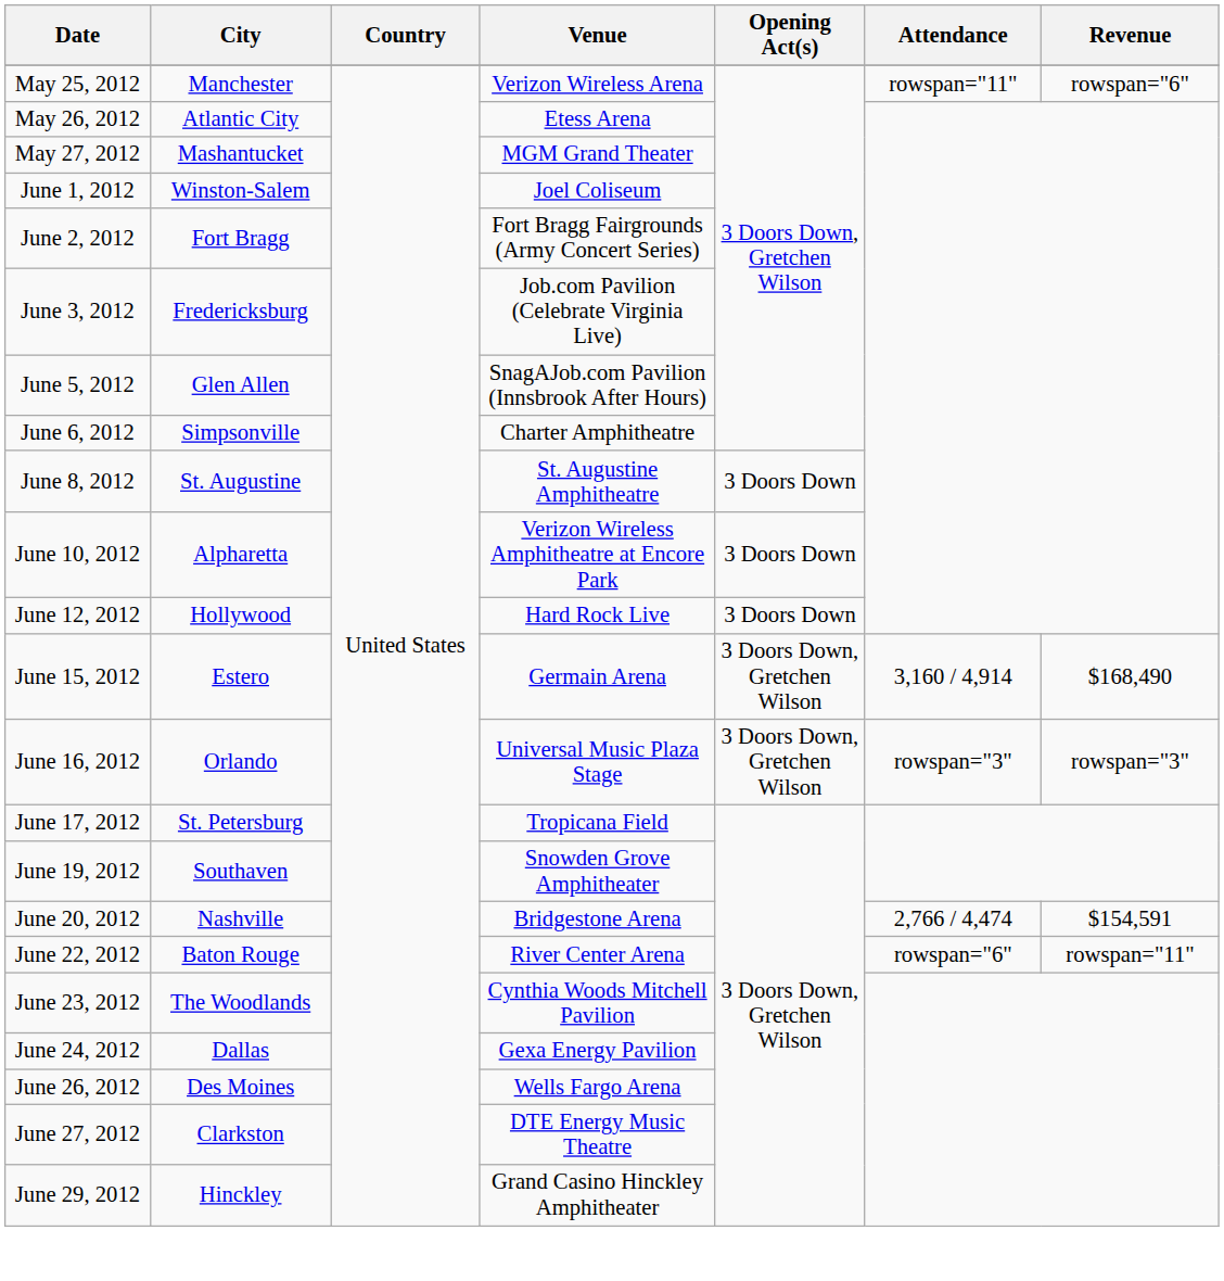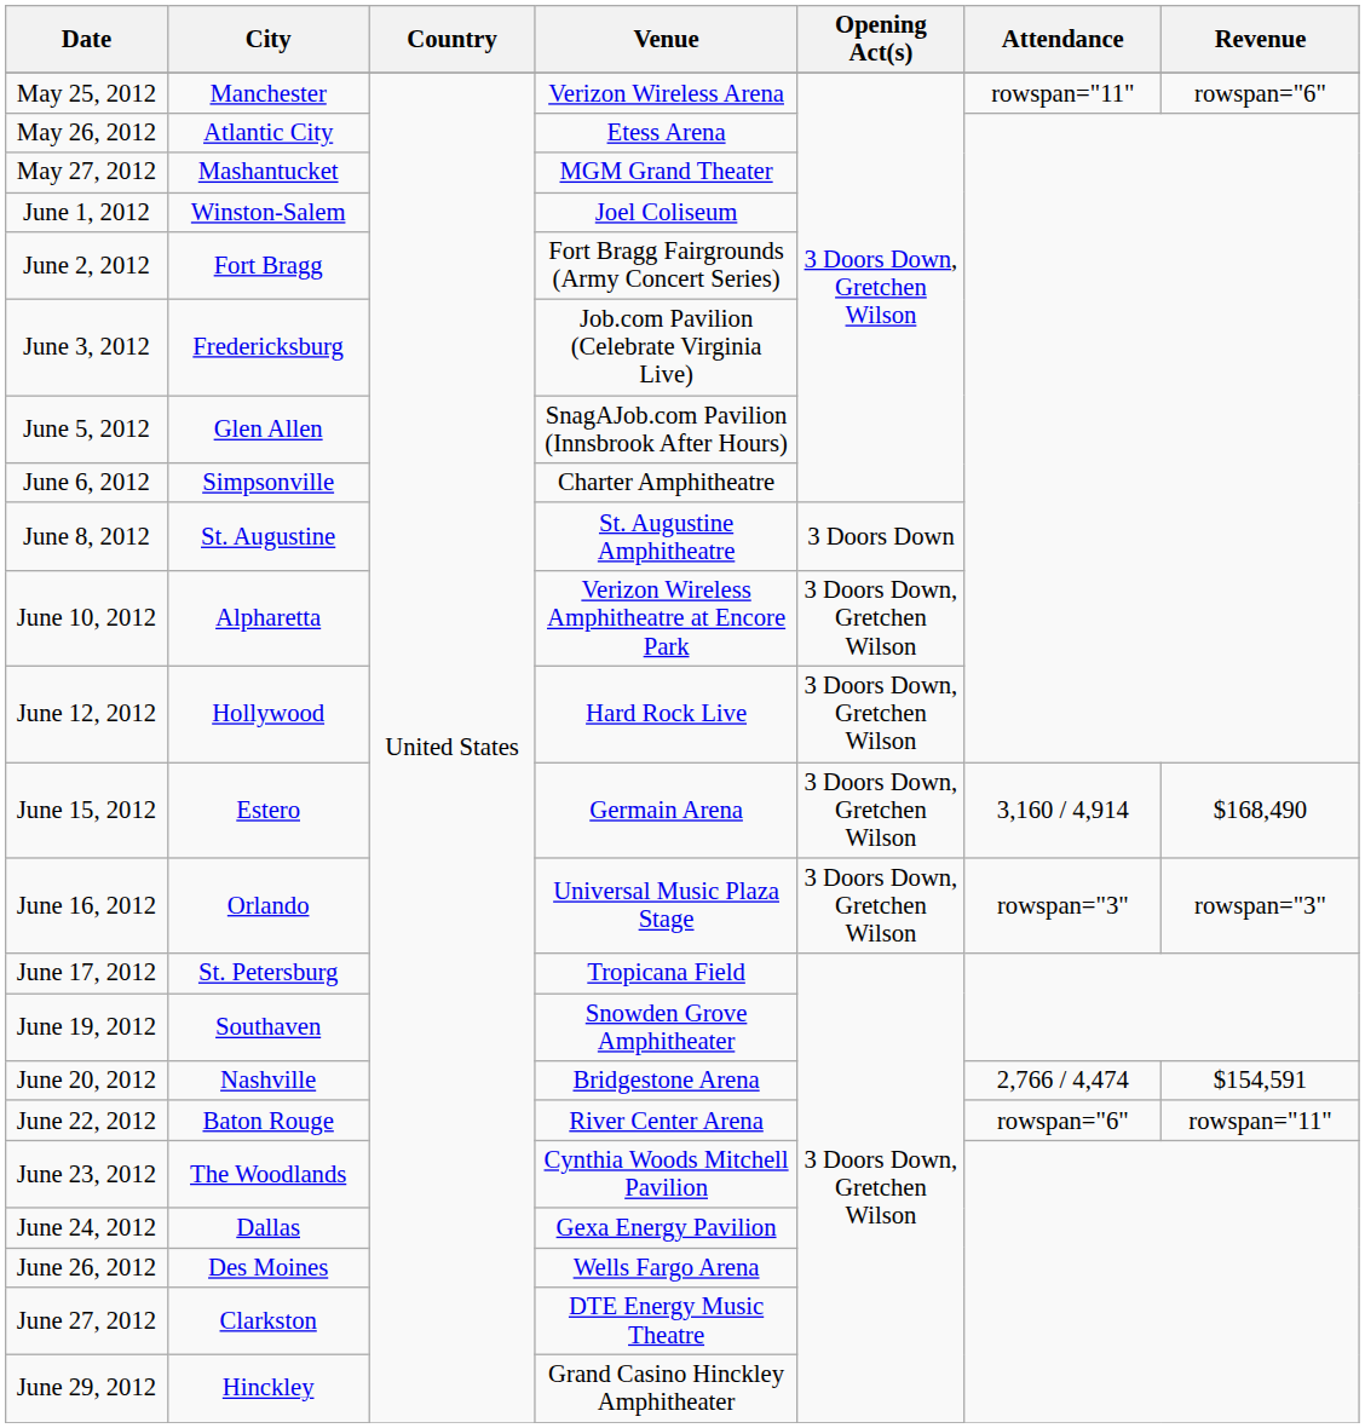 <table class="wikitable plainrowheaders" style="text-align:center;">
 <tr>
 <th scope="col" style="width:12em;">Date</th>
 <th scope="col" style="width:10em;">City</th>
 <th scope="col" style="width:10em;">Country</th>
 <th scope="col" style="width:16em;">Venue</th>
 <th scope="col" style="width:10em;">Opening Act(s)</th>
 <th scope="col" style="width:10em;">Attendance</th>
 <th scope="col" style="width:10em;">Revenue</th>
 </tr>
 <tr bgcolor="#DDDDDD">
 </tr>
 <tr>
 <td>May 25, 2012</td>
 <td><a href='#'>Manchester</a></td>
 <td rowspan="23">United States</td>
 <td><a href='#'>Verizon Wireless Arena</a></td>
 <td rowspan="8"><a href='#'>3 Doors Down</a>, <a href='#'>Gretchen Wilson</a></td>
 <td>rowspan="11" </td>
 <td>rowspan="6" </td>
 </tr>
 <tr>
 <td>May 26, 2012</td>
 <td><a href='#'>Atlantic City</a></td>
 <td><a href='#'>Etess Arena</a></td>
 </tr>
 <tr>
 <td>May 27, 2012</td>
 <td><a href='#'>Mashantucket</a></td>
 <td><a href='#'>MGM Grand Theater</a></td>
 </tr>
 <tr>
 <td>June 1, 2012</td>
 <td><a href='#'>Winston-Salem</a></td>
 <td><a href='#'>Joel Coliseum</a></td>
 </tr>
 <tr>
 <td>June 2, 2012</td>
 <td><a href='#'>Fort Bragg</a></td>
 <td>Fort Bragg Fairgrounds<br>(Army Concert Series)</td>
 </tr>
 <tr>
 <td>June 3, 2012</td>
 <td><a href='#'>Fredericksburg</a></td>
 <td>Job.com Pavilion<br>(Celebrate Virginia Live)</td>
 </tr>
 <tr>
 <td>June 5, 2012</td>
 <td><a href='#'>Glen Allen</a></td>
 <td>SnagAJob.com Pavilion<br>(Innsbrook After Hours)</td>
 </tr>
 <tr>
 <td>June 6, 2012</td>
 <td><a href='#'>Simpsonville</a></td>
 <td>Charter Amphitheatre</td>
 </tr>
 <tr>
 <td>June 8, 2012</td>
 <td><a href='#'>St. Augustine</a></td>
 <td><a href='#'>St. Augustine Amphitheatre</a></td>
 <td>3 Doors Down</td>
 </tr>
 <tr>
 <td>June 10, 2012</td>
 <td><a href='#'>Alpharetta</a></td>
 <td><a href='#'>Verizon Wireless Amphitheatre at Encore Park</a></td>
-<td>3 Doors Down</td>
+<td>3 Doors Down, Gretchen Wilson</td>
 </tr>
 <tr>
 <td>June 12, 2012</td>
 <td><a href='#'>Hollywood</a></td>
 <td><a href='#'>Hard Rock Live</a></td>
-<td>3 Doors Down</td>
+<td>3 Doors Down, Gretchen Wilson</td>
 </tr>
 <tr>
 <td>June 15, 2012</td>
 <td><a href='#'>Estero</a></td>
 <td><a href='#'>Germain Arena</a></td>
 <td>3 Doors Down, Gretchen Wilson</td>
 <td>3,160 / 4,914</td>
 <td>$168,490</td>
 </tr>
 <tr>
 <td>June 16, 2012</td>
 <td><a href='#'>Orlando</a></td>
 <td><a href='#'>Universal Music Plaza Stage</a></td>
 <td>3 Doors Down, Gretchen Wilson</td>
 <td>rowspan="3" </td>
 <td>rowspan="3" </td>
 </tr>
 <tr>
 <td>June 17, 2012</td>
 <td><a href='#'>St. Petersburg</a></td>
 <td><a href='#'>Tropicana Field</a></td>
 <td rowspan="9">3 Doors Down, Gretchen Wilson</td>
 </tr>
 <tr>
 <td>June 19, 2012</td>
 <td><a href='#'>Southaven</a></td>
 <td><a href='#'>Snowden Grove Amphitheater</a></td>
 </tr>
 <tr>
 <td>June 20, 2012</td>
 <td><a href='#'>Nashville</a></td>
 <td><a href='#'>Bridgestone Arena</a></td>
 <td>2,766 / 4,474</td>
 <td>$154,591</td>
 </tr>
 <tr>
 <td>June 22, 2012</td>
 <td><a href='#'>Baton Rouge</a></td>
 <td><a href='#'>River Center Arena</a></td>
 <td>rowspan="6" </td>
 <td>rowspan="11" </td>
 </tr>
 <tr>
 <td>June 23, 2012</td>
 <td><a href='#'>The Woodlands</a></td>
 <td><a href='#'>Cynthia Woods Mitchell Pavilion</a></td>
 </tr>
 <tr>
 <td>June 24, 2012</td>
 <td><a href='#'>Dallas</a></td>
 <td><a href='#'>Gexa Energy Pavilion</a></td>
 </tr>
 <tr>
 <td>June 26, 2012</td>
 <td><a href='#'>Des Moines</a></td>
 <td><a href='#'>Wells Fargo Arena</a></td>
 </tr>
 <tr>
 <td>June 27, 2012</td>
 <td><a href='#'>Clarkston</a></td>
 <td><a href='#'>DTE Energy Music Theatre</a></td>
 </tr>
 <tr>
 <td>June 29, 2012</td>
 <td><a href='#'>Hinckley</a></td>
 <td>Grand Casino Hinckley Amphitheater</td>
 </tr>
 <tr>
 </tr>
 </table>
